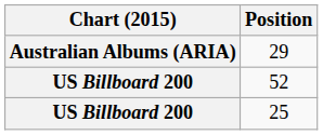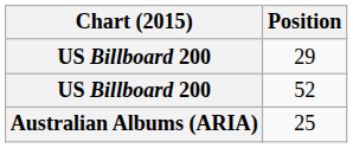 <table class="wikitable sortable plainrowheaders" style="text-align:center">
 <tr>
 <th scope="col">Chart (2015)</th>
 <th scope="col">Position</th>
 </tr>
 <tr>
-<th scope="row">Australian Albums (ARIA)</th>
+<th scope="row">US <em>Billboard</em> 200</th>
 <td>29</td>
 </tr>
 <tr>
 <th scope="row">US <em>Billboard</em> 200</th>
 <td>52</td>
 </tr>
 <tr>
-<th scope="row">US <em>Billboard</em> 200</th>
+<th scope="row">Australian Albums (ARIA)</th>
 <td>25</td>
 </tr>
 </table>
